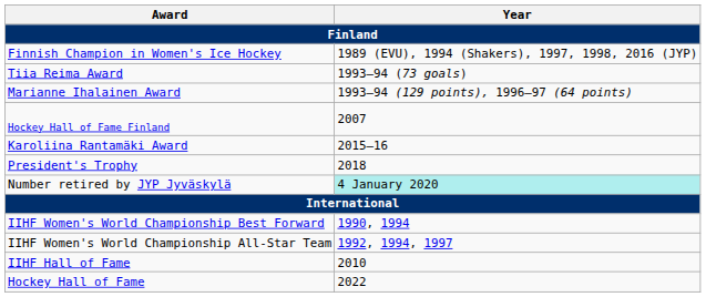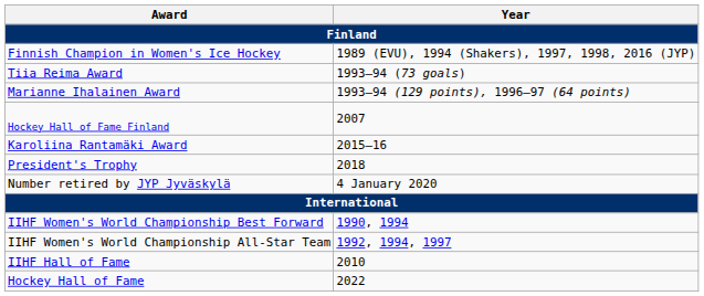 <table class="wikitable">
 <tr>
 <th>Award</th>
 <th scope="col">Year</th>
 </tr>
 <tr>
 <th colspan="2" style="text-align:center; color:white; background:#002f6c">Finland</th>
 </tr>
 <tr>
 <td><a href='#'>Finnish Champion in Women's Ice Hockey</a></td>
 <td>1989 (EVU), 1994 (Shakers), 1997, 1998, 2016 (JYP)</td>
 </tr>
 <tr>
 <td><a href='#'>Tiia Reima Award</a></td>
 <td>1993–94 (<em>73 goals</em>)</td>
 </tr>
 <tr>
 <td><a href='#'>Marianne Ihalainen Award</a></td>
 <td>1993–94 <em>(129 points),</em> 1996–97 <em>(64 points)</em></td>
 </tr>
 <tr>
 <td><br><small><a href='#'>Hockey Hall of Fame Finland</a></small></td>
 <td>2007</td>
 </tr>
 <tr>
 <td><a href='#'>Karoliina Rantamäki Award</a></td>
 <td>2015–16</td>
 </tr>
 <tr>
 <td><a href='#'>President's Trophy</a></td>
 <td>2018</td>
 </tr>
 <tr>
 <td>Number retired by <a href='#'>JYP Jyväskylä</a></td>
-<td style="background: paleturquoise;">4 January 2020</td>
+<td>4 January 2020</td>
 </tr>
 <tr>
 <th colspan="2" style="text-align:center; color:white; background:#002f6c">International</th>
 </tr>
 <tr>
 <td><a href='#'>IIHF Women's World Championship Best Forward</a></td>
 <td><a href='#'>1990</a>, <a href='#'>1994</a></td>
 </tr>
 <tr>
 <td>IIHF Women's World Championship All-Star Team</td>
 <td><a href='#'>1992</a>, <a href='#'>1994</a>, <a href='#'>1997</a></td>
 </tr>
 <tr>
 <td><a href='#'>IIHF Hall of Fame</a></td>
 <td>2010</td>
 </tr>
 <tr>
 <td><a href='#'>Hockey Hall of Fame</a></td>
 <td>2022</td>
 </tr>
 </table>
